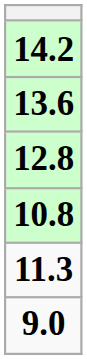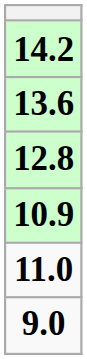 <table class="wikitable" style="text-align: center;">
 <tr>
 <th></th>
 </tr>
 <tr>
 <td style="background:#ccffcc;"><strong>14.2</strong></td>
 </tr>
 <tr>
 <td style="background:#ccffcc;"><strong>13.6</strong></td>
 </tr>
 <tr>
 <td style="background:#ccffcc;"><strong>12.8</strong></td>
 </tr>
 <tr>
-<td style="background:#ccffcc;"><strong>10.8</strong></td>
+<td style="background:#ccffcc;"><strong>10.9</strong></td>
 </tr>
 <tr>
-<td><strong>11.3</strong></td>
+<td><strong>11.0</strong></td>
 </tr>
 <tr>
 <td><strong>9.0</strong></td>
 </tr>
 </table>
